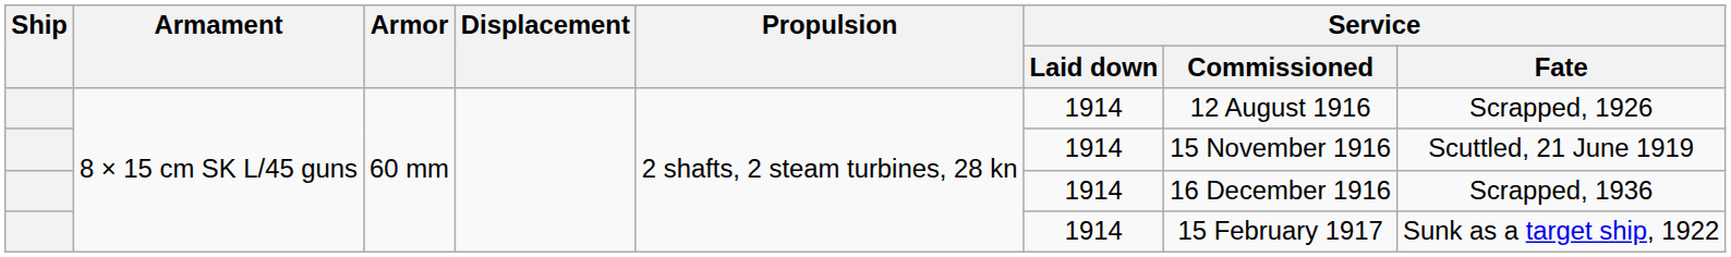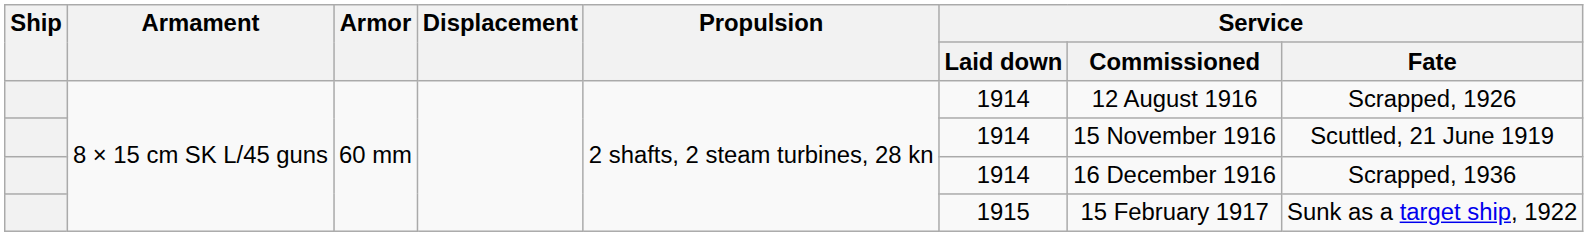 <table class="wikitable plainrowheaders" style="text-align: center;">
 <tr valign="top">
 <th scope="col" rowspan="2">Ship</th>
 <th scope="col" rowspan="2">Armament</th>
 <th scope="col" rowspan="2">Armor</th>
 <th scope="col" rowspan="2">Displacement</th>
 <th scope="col" rowspan="2">Propulsion</th>
 <th scope="col" colspan="3">Service</th>
 </tr>
 <tr valign="top">
 <th scope="col">Laid down</th>
 <th scope="col">Commissioned</th>
 <th scope="col">Fate</th>
 </tr>
 <tr valign="center">
 <th scope="row"></th>
 <td rowspan="4">8 × 15 cm SK L/45 guns</td>
 <td rowspan="4">60 mm</td>
 <td rowspan="4"></td>
 <td rowspan="4">2 shafts, 2 steam turbines, 28 kn</td>
 <td>1914</td>
 <td>12 August 1916</td>
 <td>Scrapped, 1926</td>
 </tr>
 <tr valign="center">
 <th scope="row"></th>
 <td>1914</td>
 <td>15 November 1916</td>
 <td>Scuttled, 21 June 1919</td>
 </tr>
 <tr valign="center">
 <th scope="row"></th>
 <td>1914</td>
 <td>16 December 1916</td>
 <td>Scrapped, 1936</td>
 </tr>
 <tr valign="center">
 <th scope="row"></th>
-<td>1914</td>
+<td>1915</td>
 <td>15 February 1917</td>
 <td>Sunk as a <a href='#'>target ship</a>, 1922</td>
 </tr>
 </table>
